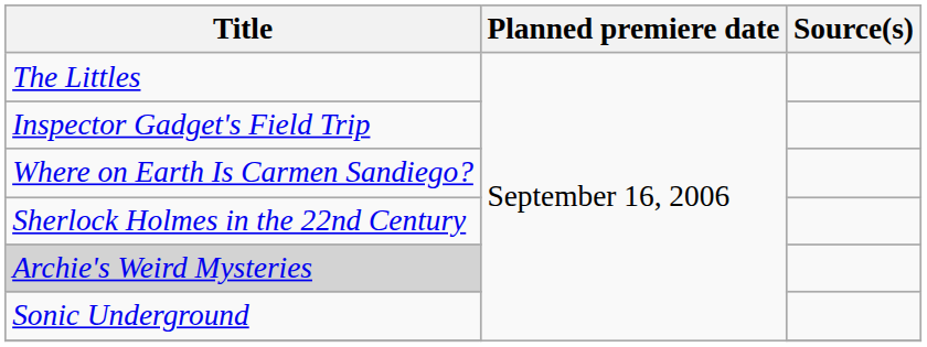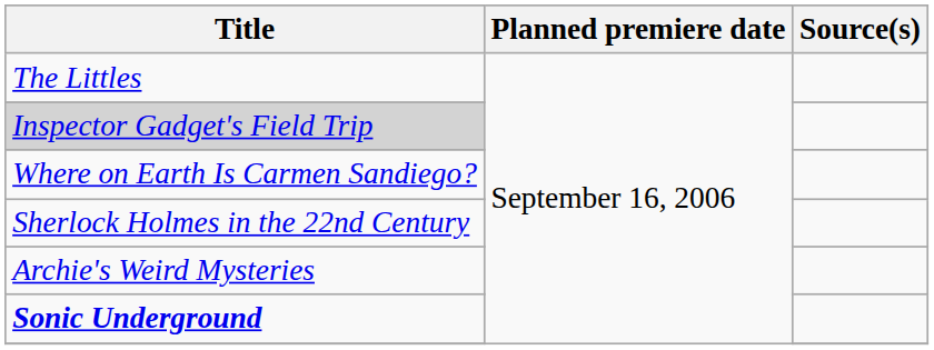 <table class="wikitable sortable">
 <tr>
 <th>Title</th>
 <th>Planned premiere date</th>
 <th>Source(s)</th>
 </tr>
 <tr>
 <td><em><a href='#'>The Littles</a></em></td>
 <td rowspan=8>September 16, 2006</td>
 <td></td>
 </tr>
 <tr>
-<td><em><a href='#'>Inspector Gadget's Field Trip</a></em></td>
+<td style="background: lightgrey;"><em><a href='#'>Inspector Gadget's Field Trip</a></em></td>
 <td></td>
 </tr>
 <tr>
 <td><em><a href='#'>Where on Earth Is Carmen Sandiego?</a></em></td>
 <td></td>
 </tr>
 <tr>
 <td><em><a href='#'>Sherlock Holmes in the 22nd Century</a></em></td>
 <td></td>
 </tr>
 <tr>
-<td style="background: lightgrey;"><em><a href='#'>Archie's Weird Mysteries</a></em></td>
+<td><em><a href='#'>Archie's Weird Mysteries</a></em></td>
 <td></td>
 </tr>
 <tr>
-<td><em><a href='#'>Sonic Underground</a></em></td>
+<td><strong><em><a href='#'>Sonic Underground</a></em></strong></td>
 <td></td>
 </tr>
 <tr>
 </tr>
 </table>
